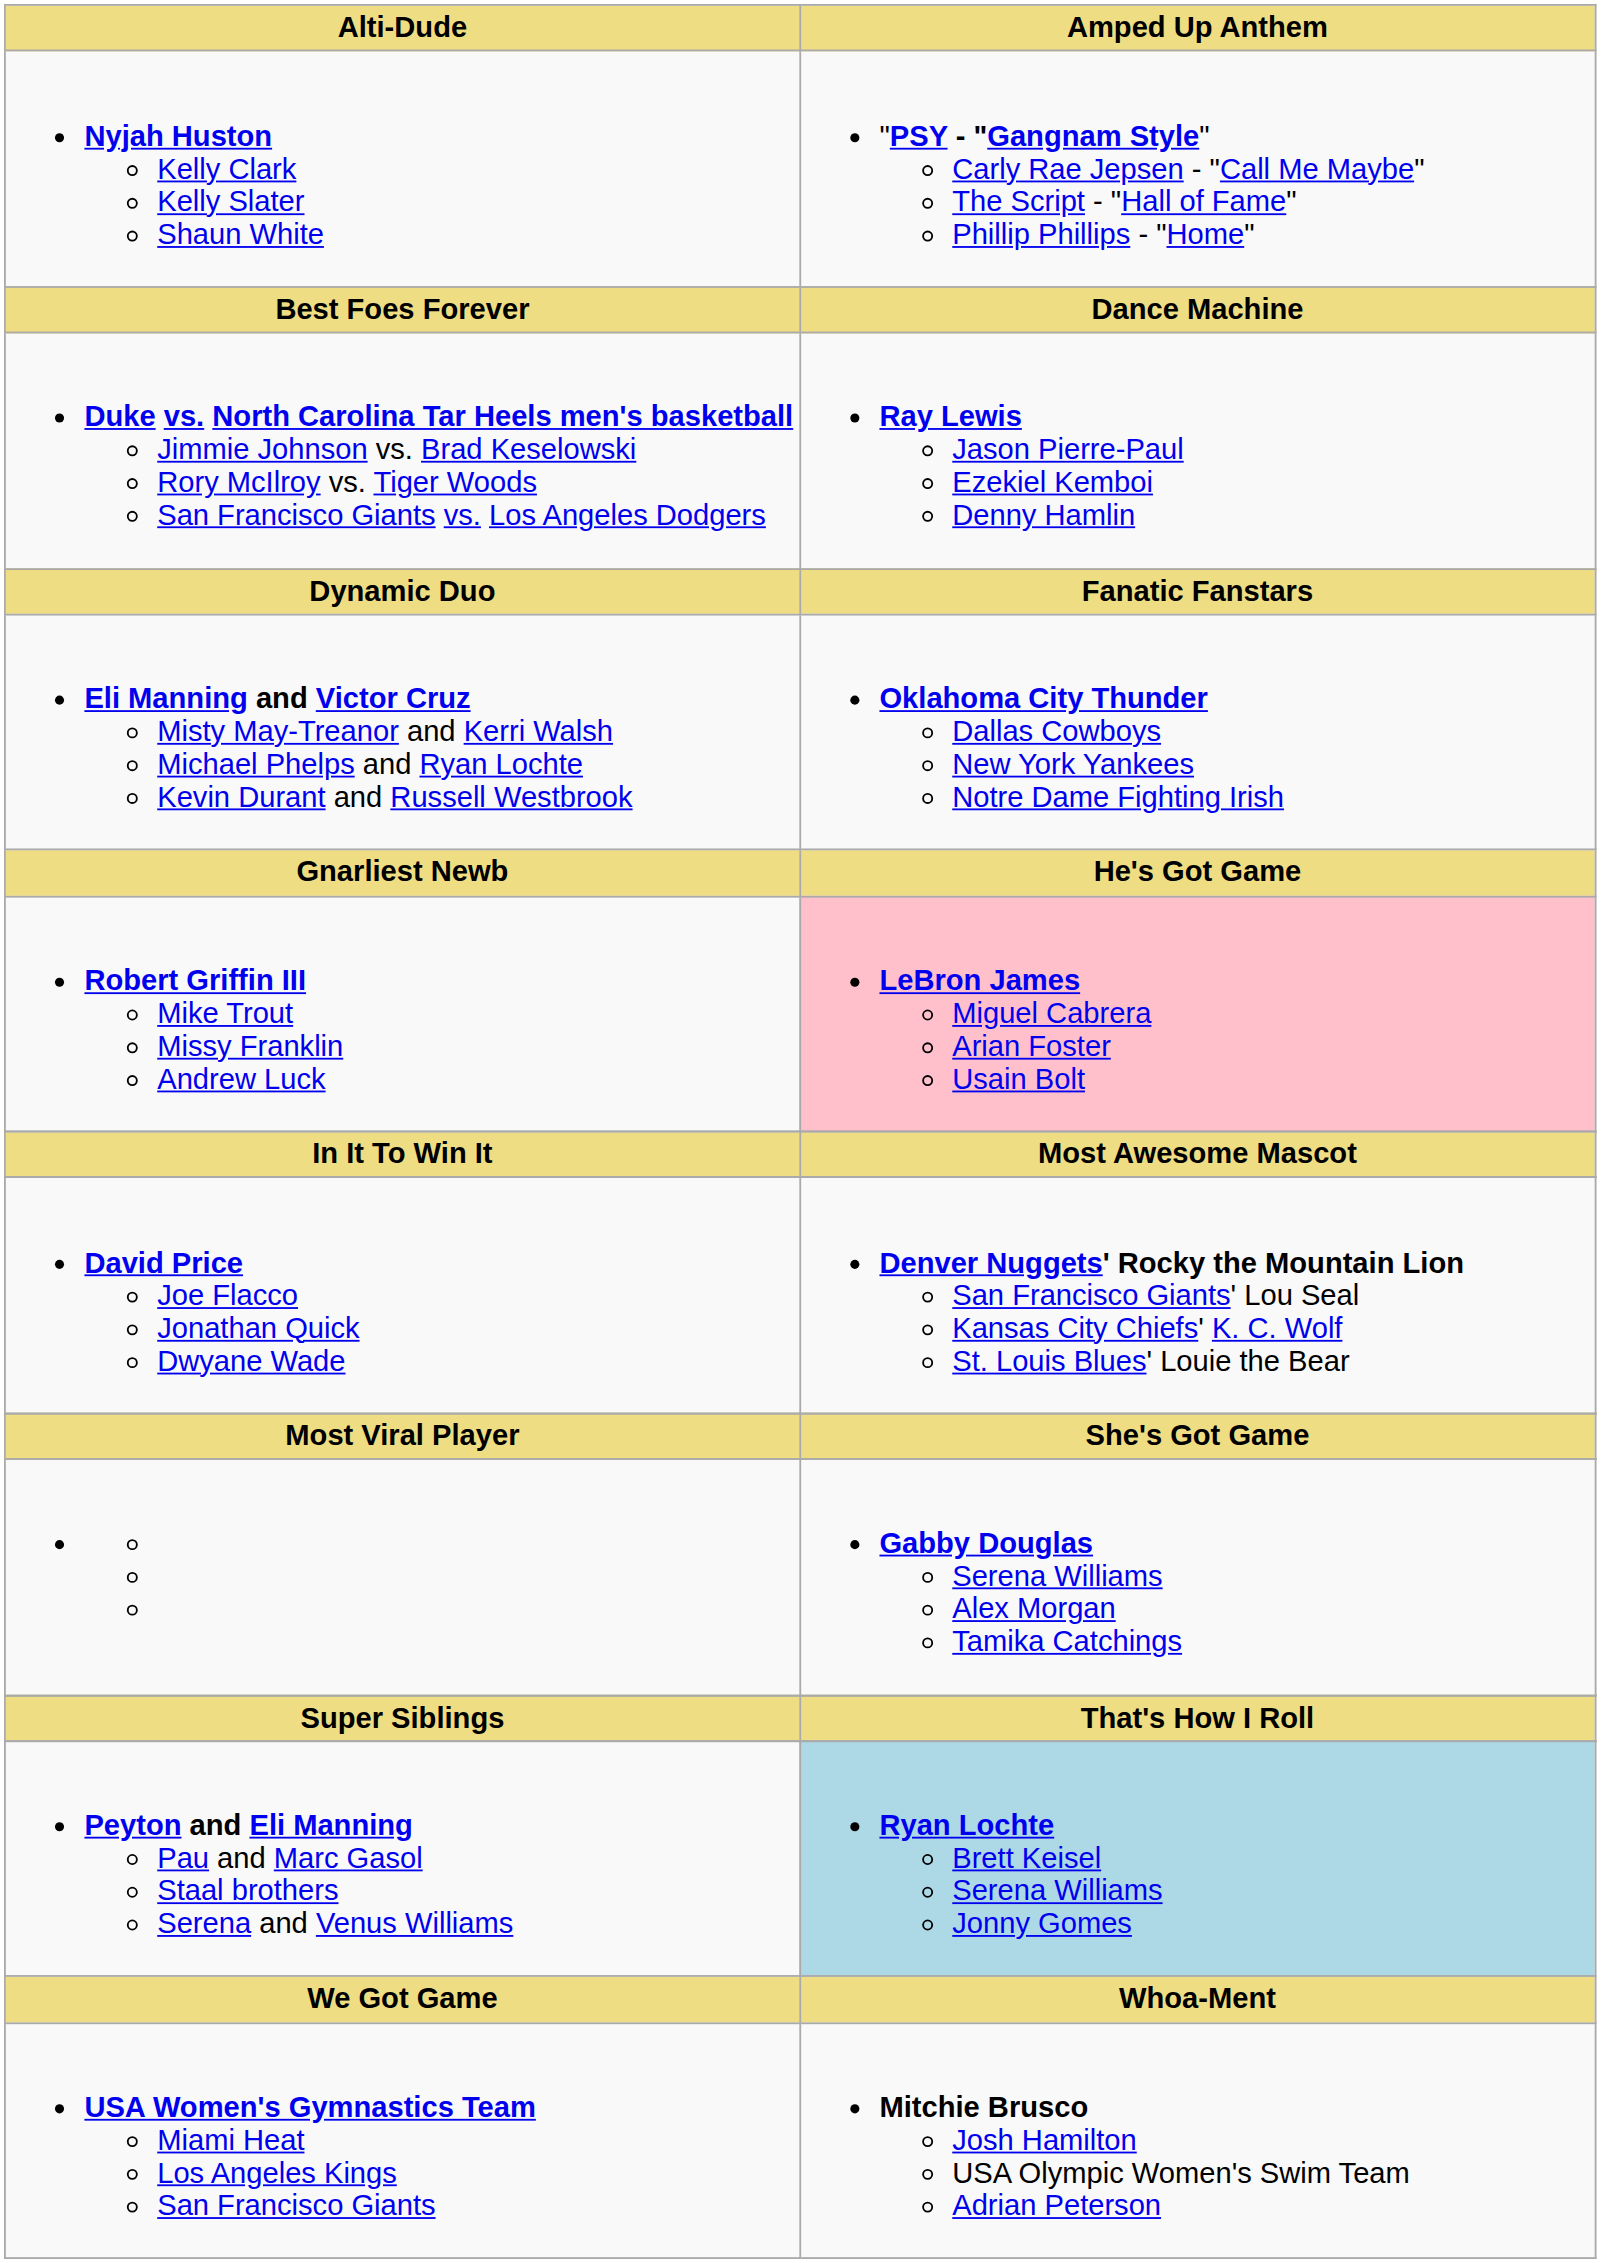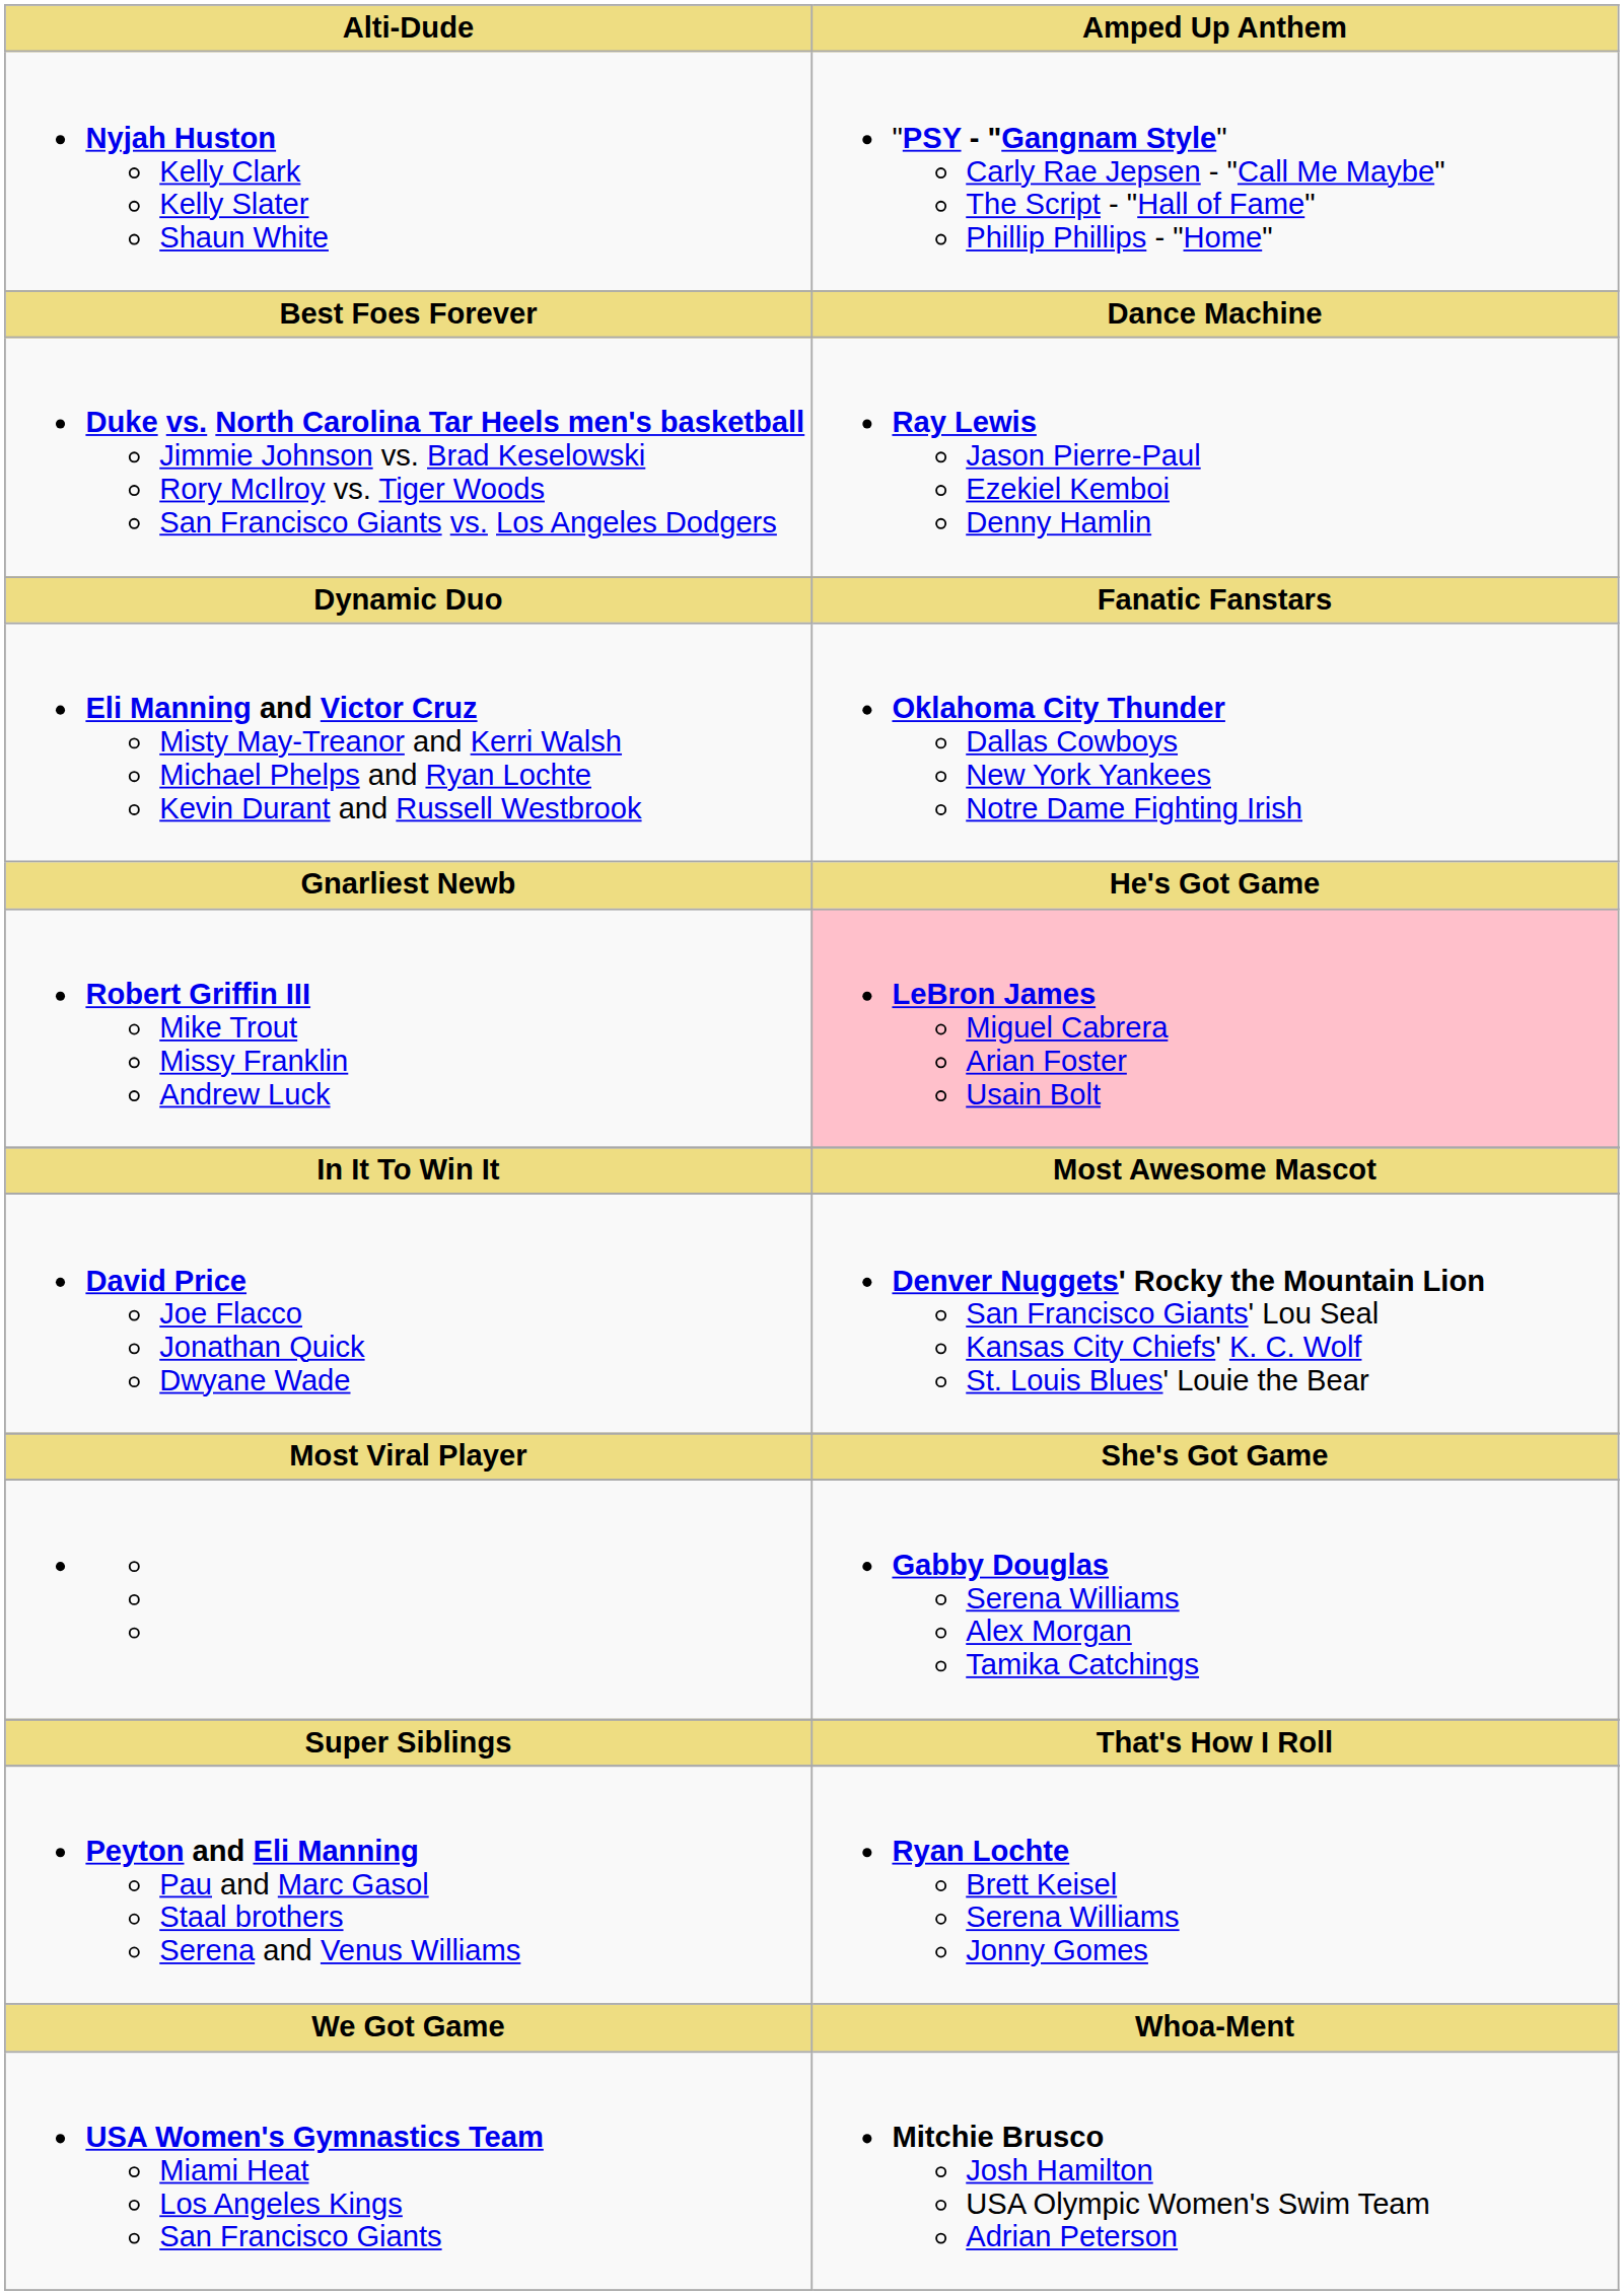 <table class=wikitable>
 <tr>
 <th style="background:#EEDD82; width:50%">Alti-Dude</th>
 <th style="background:#EEDD82; width:50%">Amped Up Anthem</th>
 </tr>
 <tr>
 <td valign="top"><br><ul><li><strong><a href='#'>Nyjah Huston</a></strong><ul><li><a href='#'>Kelly Clark</a></li><li><a href='#'>Kelly Slater</a></li><li><a href='#'>Shaun White</a></li></ul></li></ul></td>
 <td valign="top"><br><ul><li>"<strong><a href='#'>PSY</a> - "<a href='#'>Gangnam Style</a></strong>"<ul><li><a href='#'>Carly Rae Jepsen</a> - "<a href='#'>Call Me Maybe</a>"</li><li><a href='#'>The Script</a> - "<a href='#'>Hall of Fame</a>"</li><li><a href='#'>Phillip Phillips</a> - "<a href='#'>Home</a>"</li></ul></li></ul></td>
 </tr>
 <tr>
 <th style="background:#EEDD82; width:50%">Best Foes Forever</th>
 <th style="background:#EEDD82; width:50%">Dance Machine</th>
 </tr>
 <tr>
 <td valign="top"><br><ul><li><strong><a href='#'>Duke</a> <a href='#'>vs.</a> <a href='#'>North Carolina Tar Heels men's basketball</a></strong><ul><li><a href='#'>Jimmie Johnson</a> vs. <a href='#'>Brad Keselowski</a></li><li><a href='#'>Rory McIlroy</a> vs. <a href='#'>Tiger Woods</a></li><li><a href='#'>San Francisco Giants</a> <a href='#'>vs.</a> <a href='#'>Los Angeles Dodgers</a></li></ul></li></ul></td>
 <td valign="top"><br><ul><li><strong><a href='#'>Ray Lewis</a></strong><ul><li><a href='#'>Jason Pierre-Paul</a></li><li><a href='#'>Ezekiel Kemboi</a></li><li><a href='#'>Denny Hamlin</a></li></ul></li></ul></td>
 </tr>
 <tr>
 <th style="background:#EEDD82; width:50%">Dynamic Duo</th>
 <th style="background:#EEDD82; width:50%">Fanatic Fanstars</th>
 </tr>
 <tr>
 <td valign="top"><br><ul><li><strong><a href='#'>Eli Manning</a> and <a href='#'>Victor Cruz</a></strong><ul><li><a href='#'>Misty May-Treanor</a> and <a href='#'>Kerri Walsh</a></li><li><a href='#'>Michael Phelps</a> and <a href='#'>Ryan Lochte</a></li><li><a href='#'>Kevin Durant</a> and <a href='#'>Russell Westbrook</a></li></ul></li></ul></td>
 <td valign="top"><br><ul><li><strong><a href='#'>Oklahoma City Thunder</a></strong><ul><li><a href='#'>Dallas Cowboys</a></li><li><a href='#'>New York Yankees</a></li><li><a href='#'>Notre Dame Fighting Irish</a></li></ul></li></ul></td>
 </tr>
 <tr>
 <th style="background:#EEDD82; width:50%">Gnarliest Newb</th>
 <th style="background:#EEDD82; width:50%">He's Got Game</th>
 </tr>
 <tr>
 <td valign="top"><br><ul><li><strong><a href='#'>Robert Griffin III</a></strong><ul><li><a href='#'>Mike Trout</a></li><li><a href='#'>Missy Franklin</a></li><li><a href='#'>Andrew Luck</a></li></ul></li></ul></td>
 <td valign="top" style="background: pink;"><br><ul><li><strong><a href='#'>LeBron James</a></strong><ul><li><a href='#'>Miguel Cabrera</a></li><li><a href='#'>Arian Foster</a></li><li><a href='#'>Usain Bolt</a></li></ul></li></ul></td>
 </tr>
 <tr>
 </tr>
 <tr>
 <th style="background:#EEDD82; width:50%">In It To Win It</th>
 <th style="background:#EEDD82; width:50%">Most Awesome Mascot</th>
 </tr>
 <tr>
 </tr>
 <tr>
 <td valign="top"><br><ul><li><strong><a href='#'>David Price</a></strong><ul><li><a href='#'>Joe Flacco</a></li><li><a href='#'>Jonathan Quick</a></li><li><a href='#'>Dwyane Wade</a></li></ul></li></ul></td>
 <td valign="top"><br><ul><li><strong><a href='#'>Denver Nuggets</a>' Rocky the Mountain Lion</strong><ul><li><a href='#'>San Francisco Giants</a>' Lou Seal</li><li><a href='#'>Kansas City Chiefs</a>' <a href='#'>K. C. Wolf</a></li><li><a href='#'>St. Louis Blues</a>' Louie the Bear</li></ul></li></ul></td>
 </tr>
 <tr>
 </tr>
 <tr>
 <th style="background:#EEDD82; width:50%">Most Viral Player</th>
 <th style="background:#EEDD82; width:50%">She's Got Game</th>
 </tr>
 <tr>
 </tr>
 <tr>
 <td valign="top"><br><ul><li><strong></strong><ul><li></li><li></li><li></li></ul></li></ul></td>
 <td valign="top"><br><ul><li><strong><a href='#'>Gabby Douglas</a></strong><ul><li><a href='#'>Serena Williams</a></li><li><a href='#'>Alex Morgan</a></li><li><a href='#'>Tamika Catchings</a></li></ul></li></ul></td>
 </tr>
 <tr>
 </tr>
 <tr>
 <th style="background:#EEDD82; width:50%">Super Siblings</th>
 <th style="background:#EEDD82; width:50%">That's How I Roll</th>
 </tr>
 <tr>
 </tr>
 <tr>
 <td valign="top"><br><ul><li><strong><a href='#'>Peyton</a> and <a href='#'>Eli Manning</a></strong><ul><li><a href='#'>Pau</a> and <a href='#'>Marc Gasol</a></li><li><a href='#'>Staal brothers</a></li><li><a href='#'>Serena</a> and <a href='#'>Venus Williams</a></li></ul></li></ul></td>
-<td valign="top" style="background: lightblue;"><br><ul><li><strong><a href='#'>Ryan Lochte</a></strong><ul><li><a href='#'>Brett Keisel</a></li><li><a href='#'>Serena Williams</a></li><li><a href='#'>Jonny Gomes</a></li></ul></li></ul></td>
+<td valign="top"><br><ul><li><strong><a href='#'>Ryan Lochte</a></strong><ul><li><a href='#'>Brett Keisel</a></li><li><a href='#'>Serena Williams</a></li><li><a href='#'>Jonny Gomes</a></li></ul></li></ul></td>
 </tr>
 <tr>
 <th style="background:#EEDD82; width:50%">We Got Game</th>
 <th style="background:#EEDD82; width:50%">Whoa-Ment</th>
 </tr>
 <tr>
 <td valign="top"><br><ul><li><strong><a href='#'>USA Women's Gymnastics Team</a></strong><ul><li><a href='#'>Miami Heat</a></li><li><a href='#'>Los Angeles Kings</a></li><li><a href='#'>San Francisco Giants</a></li></ul></li></ul></td>
 <td valign="top"><br><ul><li><strong>Mitchie Brusco</strong><ul><li><a href='#'>Josh Hamilton</a></li><li>USA Olympic Women's Swim Team</li><li><a href='#'>Adrian Peterson</a></li></ul></li></ul></td>
 </tr>
 </table>
